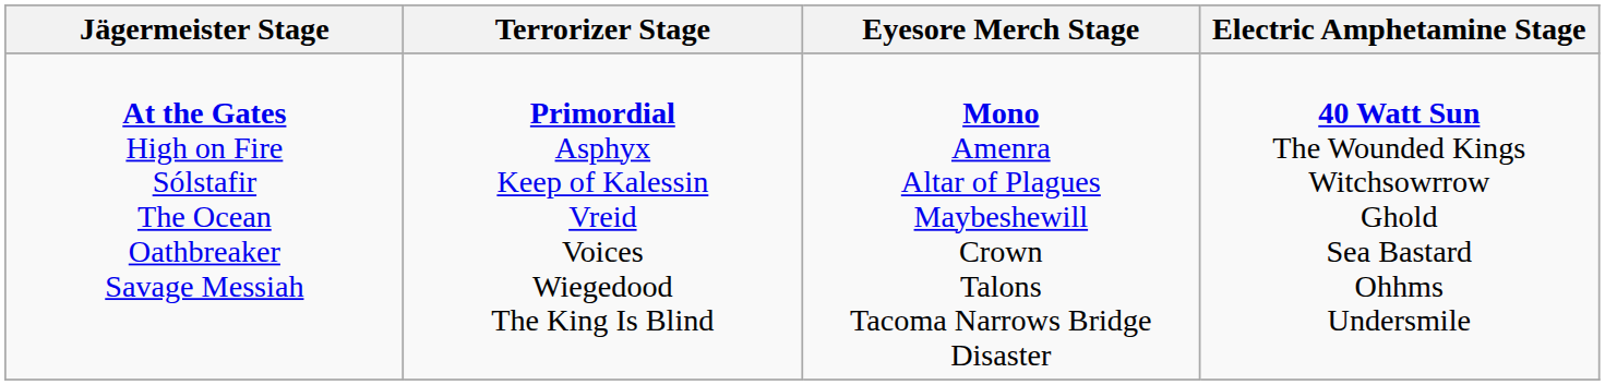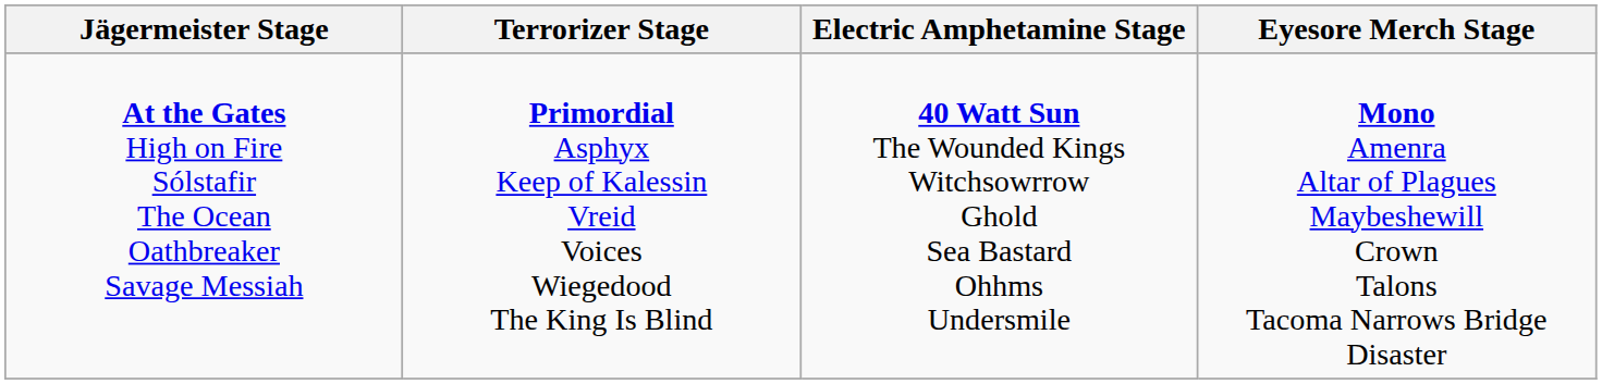 <table class="wikitable">
 <tr>
 <th>Jägermeister Stage</th>
 <th>Terrorizer Stage</th>
+<th>Electric Amphetamine Stage</th>
 <th>Eyesore Merch Stage</th>
-<th>Electric Amphetamine Stage</th>
 </tr>
 <tr>
 <td valign="top" align="center" width=200><br><strong><a href='#'>At the Gates</a></strong><br> <a href='#'>High on Fire</a><br> <a href='#'>Sólstafir</a><br> <a href='#'>The Ocean</a><br> <a href='#'>Oathbreaker</a><br> <a href='#'>Savage Messiah</a></td>
 <td valign="top" align="center" width=200><br><strong><a href='#'>Primordial</a></strong><br> <a href='#'>Asphyx</a><br> <a href='#'>Keep of Kalessin</a><br> <a href='#'>Vreid</a> <br> Voices <br> Wiegedood <br> The King Is Blind</td>
+<td valign="top" align="center" width=200><br><strong><a href='#'>40 Watt Sun</a></strong><br> The Wounded Kings <br> Witchsowrrow <br> Ghold <br> Sea Bastard <br> Ohhms <br> Undersmile</td>
 <td valign="top" align="center" width=200><br><strong><a href='#'>Mono</a></strong><br> <a href='#'>Amenra</a><br> <a href='#'>Altar of Plagues</a> <br> <a href='#'>Maybeshewill</a><br> Crown <br> Talons <br> Tacoma Narrows Bridge Disaster</td>
-<td valign="top" align="center" width=200><br><strong><a href='#'>40 Watt Sun</a></strong><br> The Wounded Kings <br> Witchsowrrow <br> Ghold <br> Sea Bastard <br> Ohhms <br> Undersmile</td>
 </tr>
 </table>
